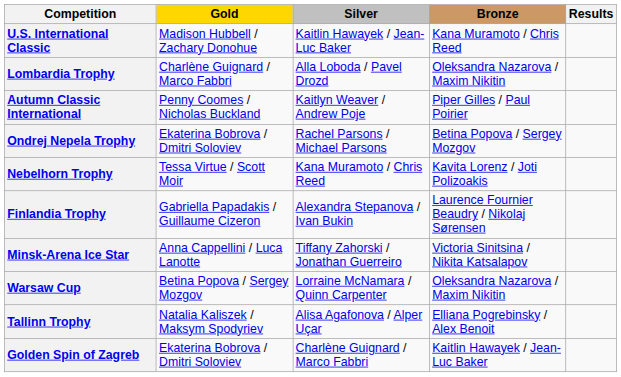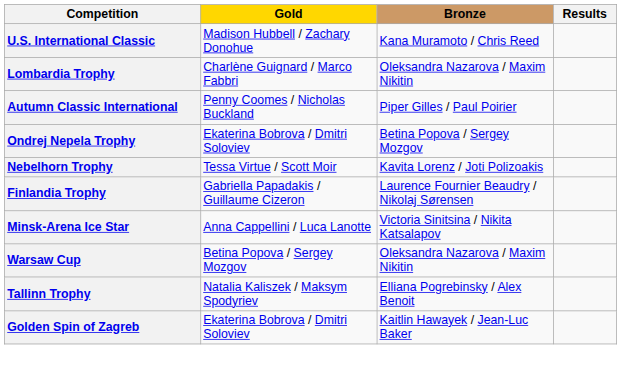 <table class="wikitable unsortable" style="text-align:left; width:90%;">
 <tr>
 <th scope="col" style="text-align:center; width:25%;">Competition</th>
 <td scope="col" style="text-align:center; width:22.5%; background:gold"><strong>Gold</strong></td>
-<td scope="col" style="text-align:center; width:22.5%; background:silver"><strong>Silver</strong></td>
 <td scope="col" style="text-align:center; width:22.5%; background:#c96"><strong>Bronze</strong></td>
 <th scope="col" style="text-align:center; width:7.5%;">Results</th>
 </tr>
 <tr>
 <th scope="row" style="text-align:left"> <a href='#'>U.S. International Classic</a></th>
 <td> <a href='#'>Madison Hubbell</a> / <a href='#'>Zachary Donohue</a></td>
-<td> <a href='#'>Kaitlin Hawayek</a> / <a href='#'>Jean-Luc Baker</a></td>
 <td> <a href='#'>Kana Muramoto</a> / <a href='#'>Chris Reed</a></td>
 <td></td>
 </tr>
 <tr>
 <th scope="row" style="text-align:left"> <a href='#'>Lombardia Trophy</a></th>
 <td> <a href='#'>Charlène Guignard</a> / <a href='#'>Marco Fabbri</a></td>
-<td> <a href='#'>Alla Loboda</a> / <a href='#'>Pavel Drozd</a></td>
 <td> <a href='#'>Oleksandra Nazarova</a> / <a href='#'>Maxim Nikitin</a></td>
 <td></td>
 </tr>
 <tr>
 <th scope="row" style="text-align:left"> <a href='#'>Autumn Classic International</a></th>
 <td> <a href='#'>Penny Coomes</a> / <a href='#'>Nicholas Buckland</a></td>
-<td> <a href='#'>Kaitlyn Weaver</a> / <a href='#'>Andrew Poje</a></td>
 <td> <a href='#'>Piper Gilles</a> / <a href='#'>Paul Poirier</a></td>
 <td></td>
 </tr>
 <tr>
 <th scope="row" style="text-align:left"> <a href='#'>Ondrej Nepela Trophy</a></th>
 <td> <a href='#'>Ekaterina Bobrova</a> / <a href='#'>Dmitri Soloviev</a></td>
-<td> <a href='#'>Rachel Parsons</a> / <a href='#'>Michael Parsons</a></td>
 <td> <a href='#'>Betina Popova</a> / <a href='#'>Sergey Mozgov</a></td>
 <td></td>
 </tr>
 <tr>
 <th scope="row" style="text-align:left"> <a href='#'>Nebelhorn Trophy</a></th>
 <td> <a href='#'>Tessa Virtue</a> / <a href='#'>Scott Moir</a></td>
-<td> <a href='#'>Kana Muramoto</a> / <a href='#'>Chris Reed</a></td>
 <td> <a href='#'>Kavita Lorenz</a> / <a href='#'>Joti Polizoakis</a></td>
 <td></td>
 </tr>
 <tr>
 <th scope="row" style="text-align:left"> <a href='#'>Finlandia Trophy</a></th>
 <td> <a href='#'>Gabriella Papadakis</a> / <a href='#'>Guillaume Cizeron</a></td>
-<td> <a href='#'>Alexandra Stepanova</a> / <a href='#'>Ivan Bukin</a></td>
 <td> <a href='#'>Laurence Fournier Beaudry</a> / <a href='#'>Nikolaj Sørensen</a></td>
 <td></td>
 </tr>
 <tr>
 <th scope="row" style="text-align:left"> <a href='#'>Minsk-Arena Ice Star</a></th>
 <td> <a href='#'>Anna Cappellini</a> / <a href='#'>Luca Lanotte</a></td>
-<td> <a href='#'>Tiffany Zahorski</a> / <a href='#'>Jonathan Guerreiro</a></td>
 <td> <a href='#'>Victoria Sinitsina</a> / <a href='#'>Nikita Katsalapov</a></td>
 <td></td>
 </tr>
 <tr>
 <th scope="row" style="text-align:left"> <a href='#'>Warsaw Cup</a></th>
 <td> <a href='#'>Betina Popova</a> / <a href='#'>Sergey Mozgov</a></td>
-<td> <a href='#'>Lorraine McNamara</a> / <a href='#'>Quinn Carpenter</a></td>
 <td> <a href='#'>Oleksandra Nazarova</a> / <a href='#'>Maxim Nikitin</a></td>
 <td></td>
 </tr>
 <tr>
 <th scope="row" style="text-align:left"> <a href='#'>Tallinn Trophy</a></th>
 <td> <a href='#'>Natalia Kaliszek</a> / <a href='#'>Maksym Spodyriev</a></td>
-<td> <a href='#'>Alisa Agafonova</a> / <a href='#'>Alper Uçar</a></td>
 <td> <a href='#'>Elliana Pogrebinsky</a> / <a href='#'>Alex Benoit</a></td>
 <td></td>
 </tr>
 <tr>
 <th scope="row" style="text-align:left"> <a href='#'>Golden Spin of Zagreb</a></th>
 <td> <a href='#'>Ekaterina Bobrova</a> / <a href='#'>Dmitri Soloviev</a></td>
-<td> <a href='#'>Charlène Guignard</a> / <a href='#'>Marco Fabbri</a></td>
 <td> <a href='#'>Kaitlin Hawayek</a> / <a href='#'>Jean-Luc Baker</a></td>
 <td></td>
 </tr>
 </table>
